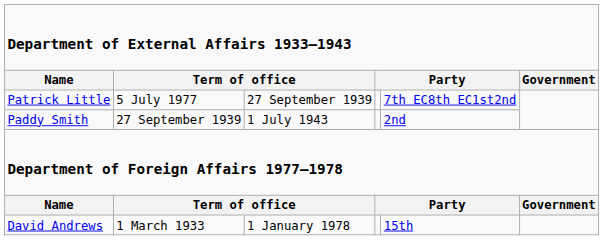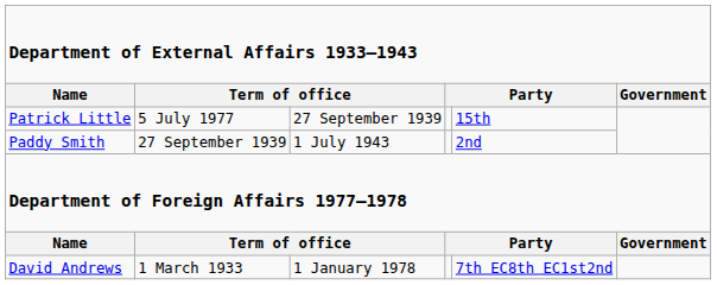 <table class="wikitable">
 <tr>
 <td colspan="6"><br><h3>Department of External Affairs 1933–1943</h3></td>
 </tr>
 <tr>
 <th>Name</th>
 <th colspan="2">Term of office</th>
 <th colspan="2">Party</th>
 <th>Government</th>
 </tr>
 <tr>
 <td><a href='#'>Patrick Little</a></td>
 <td>5 July 1977</td>
 <td>27 September 1939</td>
 <td></td>
-<td><a href='#'>7th EC</a><a href='#'>8th EC</a><a href='#'>1st</a><a href='#'>2nd</a></td>
+<td><a href='#'>15th</a></td>
 </tr>
 <tr>
 <td><a href='#'>Paddy Smith</a></td>
 <td>27 September 1939</td>
 <td>1 July 1943</td>
 <td></td>
 <td><a href='#'>2nd</a></td>
 </tr>
 <tr>
 <td colspan="6"><br><h3>Department of Foreign Affairs 1977–1978</h3></td>
 </tr>
 <tr>
 <th>Name</th>
 <th colspan="2">Term of office</th>
 <th colspan="2">Party</th>
 <th>Government</th>
 </tr>
 <tr>
 <td><a href='#'>David Andrews</a></td>
 <td>1 March 1933</td>
 <td>1 January 1978</td>
 <td></td>
-<td><a href='#'>15th</a></td>
+<td><a href='#'>7th EC</a><a href='#'>8th EC</a><a href='#'>1st</a><a href='#'>2nd</a></td>
 </tr>
 </table>
